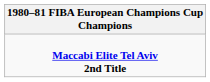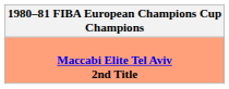 <table class=wikitable style="text-align:center; margin:auto">
 <tr>
 <th>1980–81 FIBA European Champions Cup<br>Champions</th>
 </tr>
 <tr>
-<td> <br> <strong><a href='#'>Maccabi Elite Tel Aviv</a></strong> <br> <strong>2nd Title</strong></td>
+<td style="background: lightsalmon;"> <br> <strong><a href='#'>Maccabi Elite Tel Aviv</a></strong> <br> <strong>2nd Title</strong></td>
 </tr>
 </table>
